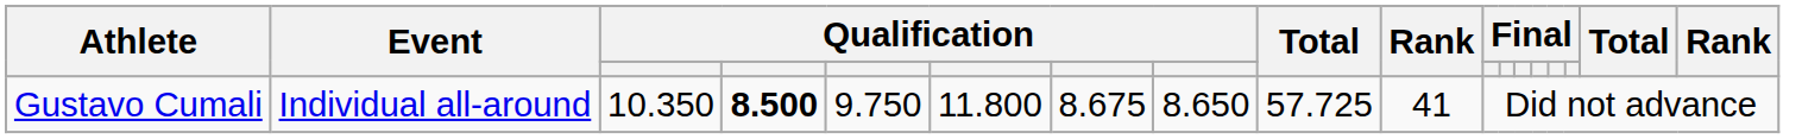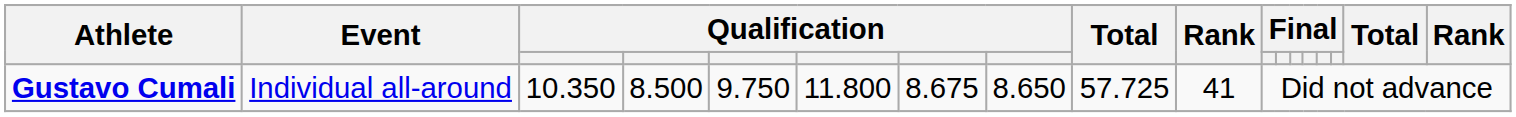 <table class="wikitable" style="font-size:90%">
 <tr>
 <th rowspan=2>Athlete</th>
 <th rowspan=2>Event</th>
 <th colspan=6>Qualification</th>
 <th rowspan=2>Total</th>
 <th rowspan=2>Rank</th>
 <th colspan=6>Final</th>
 <th rowspan=2>Total</th>
 <th rowspan=2>Rank</th>
 </tr>
 <tr style="font-size:95%">
 <th></th>
 <th></th>
 <th></th>
 <th></th>
 <th></th>
 <th></th>
 <th></th>
 <th></th>
 <th></th>
 <th></th>
 <th></th>
 <th></th>
 </tr>
 <tr align=center>
-<td align=left><a href='#'>Gustavo Cumali</a></td>
+<td align=left><strong><a href='#'>Gustavo Cumali</a></strong></td>
 <td align=left><a href='#'>Individual all-around</a></td>
 <td>10.350</td>
-<td><strong>8.500</strong></td>
+<td>8.500</td>
 <td>9.750</td>
 <td>11.800</td>
 <td>8.675</td>
 <td>8.650</td>
 <td>57.725</td>
 <td>41</td>
 <td colspan=8>Did not advance</td>
 </tr>
 </table>
